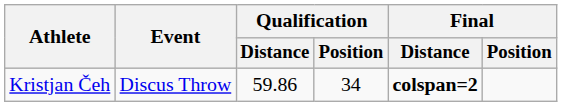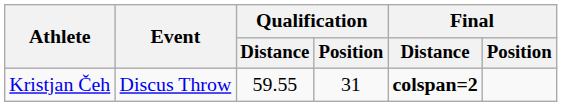 <table class=wikitable style="font-size:90%">
 <tr>
 <th rowspan="2">Athlete</th>
 <th rowspan="2">Event</th>
 <th colspan="2">Qualification</th>
 <th colspan="2">Final</th>
 </tr>
 <tr style="font-size:95%">
 <th>Distance</th>
 <th>Position</th>
 <th>Distance</th>
 <th>Position</th>
 </tr>
 <tr style=text-align:center>
 <td style=text-align:left><a href='#'>Kristjan Čeh</a></td>
 <td style=text-align:left><a href='#'>Discus Throw</a></td>
-<td>59.86</td>
-<td>34</td>
+<td>59.55</td>
+<td>31</td>
 <td><strong>colspan=2 </strong></td>
 </tr>
 </table>
